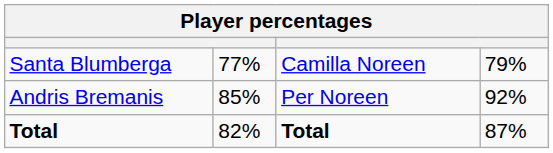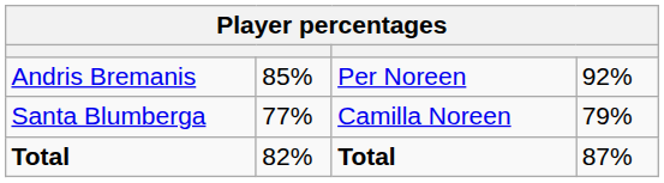 <table class="wikitable">
 <tr>
 <th colspan=4 width=400>Player percentages</th>
 </tr>
 <tr>
 <th colspan=2 width=200 style="white-space:nowrap;"></th>
 <th colspan=2 width=200 style="white-space:nowrap;"></th>
 </tr>
 <tr>
+<td><a href='#'>Andris Bremanis</a></td>
+<td>85%</td>
+<td><a href='#'>Per Noreen</a></td>
+<td>92%</td>
+</tr>
+<tr>
 <td><a href='#'>Santa Blumberga</a></td>
 <td>77%</td>
 <td><a href='#'>Camilla Noreen</a></td>
 <td>79%</td>
-</tr>
-<tr>
-<td><a href='#'>Andris Bremanis</a></td>
-<td>85%</td>
-<td><a href='#'>Per Noreen</a></td>
-<td>92%</td>
 </tr>
 <tr>
 <td><strong>Total</strong></td>
 <td>82%</td>
 <td><strong>Total</strong></td>
 <td>87%</td>
 </tr>
 </table>
